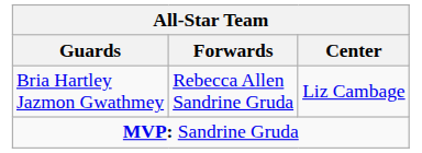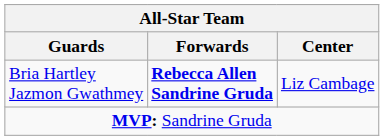 <table class=wikitable style="margin:auto">
 <tr>
 <th colspan=3 align=center>All-Star Team</th>
 </tr>
 <tr>
 <th>Guards</th>
 <th>Forwards</th>
 <th>Center</th>
 </tr>
 <tr>
 <td> <a href='#'>Bria Hartley</a><br> <a href='#'>Jazmon Gwathmey</a></td>
-<td valign=center> <a href='#'>Rebecca Allen</a><br> <a href='#'>Sandrine Gruda</a></td>
+<td valign=center><strong> <a href='#'>Rebecca Allen</a><br> <a href='#'>Sandrine Gruda</a></strong></td>
 <td> <a href='#'>Liz Cambage</a></td>
 </tr>
 <tr>
 <td colspan=3 align=center><strong><a href='#'>MVP</a>:</strong>  <a href='#'>Sandrine Gruda</a></td>
 </tr>
 </table>
